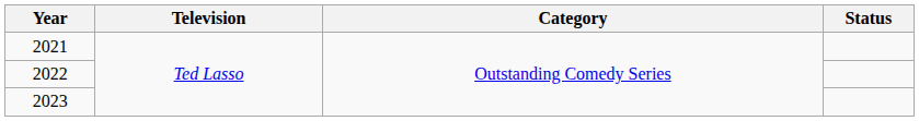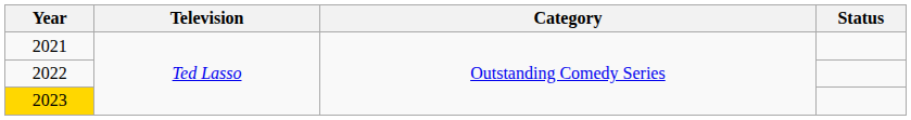 <table class="wikitable" style="text-align: center">
 <tr style="background:#ebf5ff;">
 <th width="75">Year</th>
 <th width="200">Television</th>
 <th width="450">Category</th>
 <th width="75">Status</th>
 </tr>
 <tr>
 <td>2021</td>
 <td rowspan="3"><em><a href='#'>Ted Lasso</a></em></td>
 <td rowspan="3"><a href='#'>Outstanding Comedy Series</a></td>
 <td></td>
 </tr>
 <tr>
 <td>2022</td>
 <td></td>
 </tr>
 <tr>
-<td>2023</td>
+<td style="background: gold;">2023</td>
 <td></td>
 </tr>
 </table>
